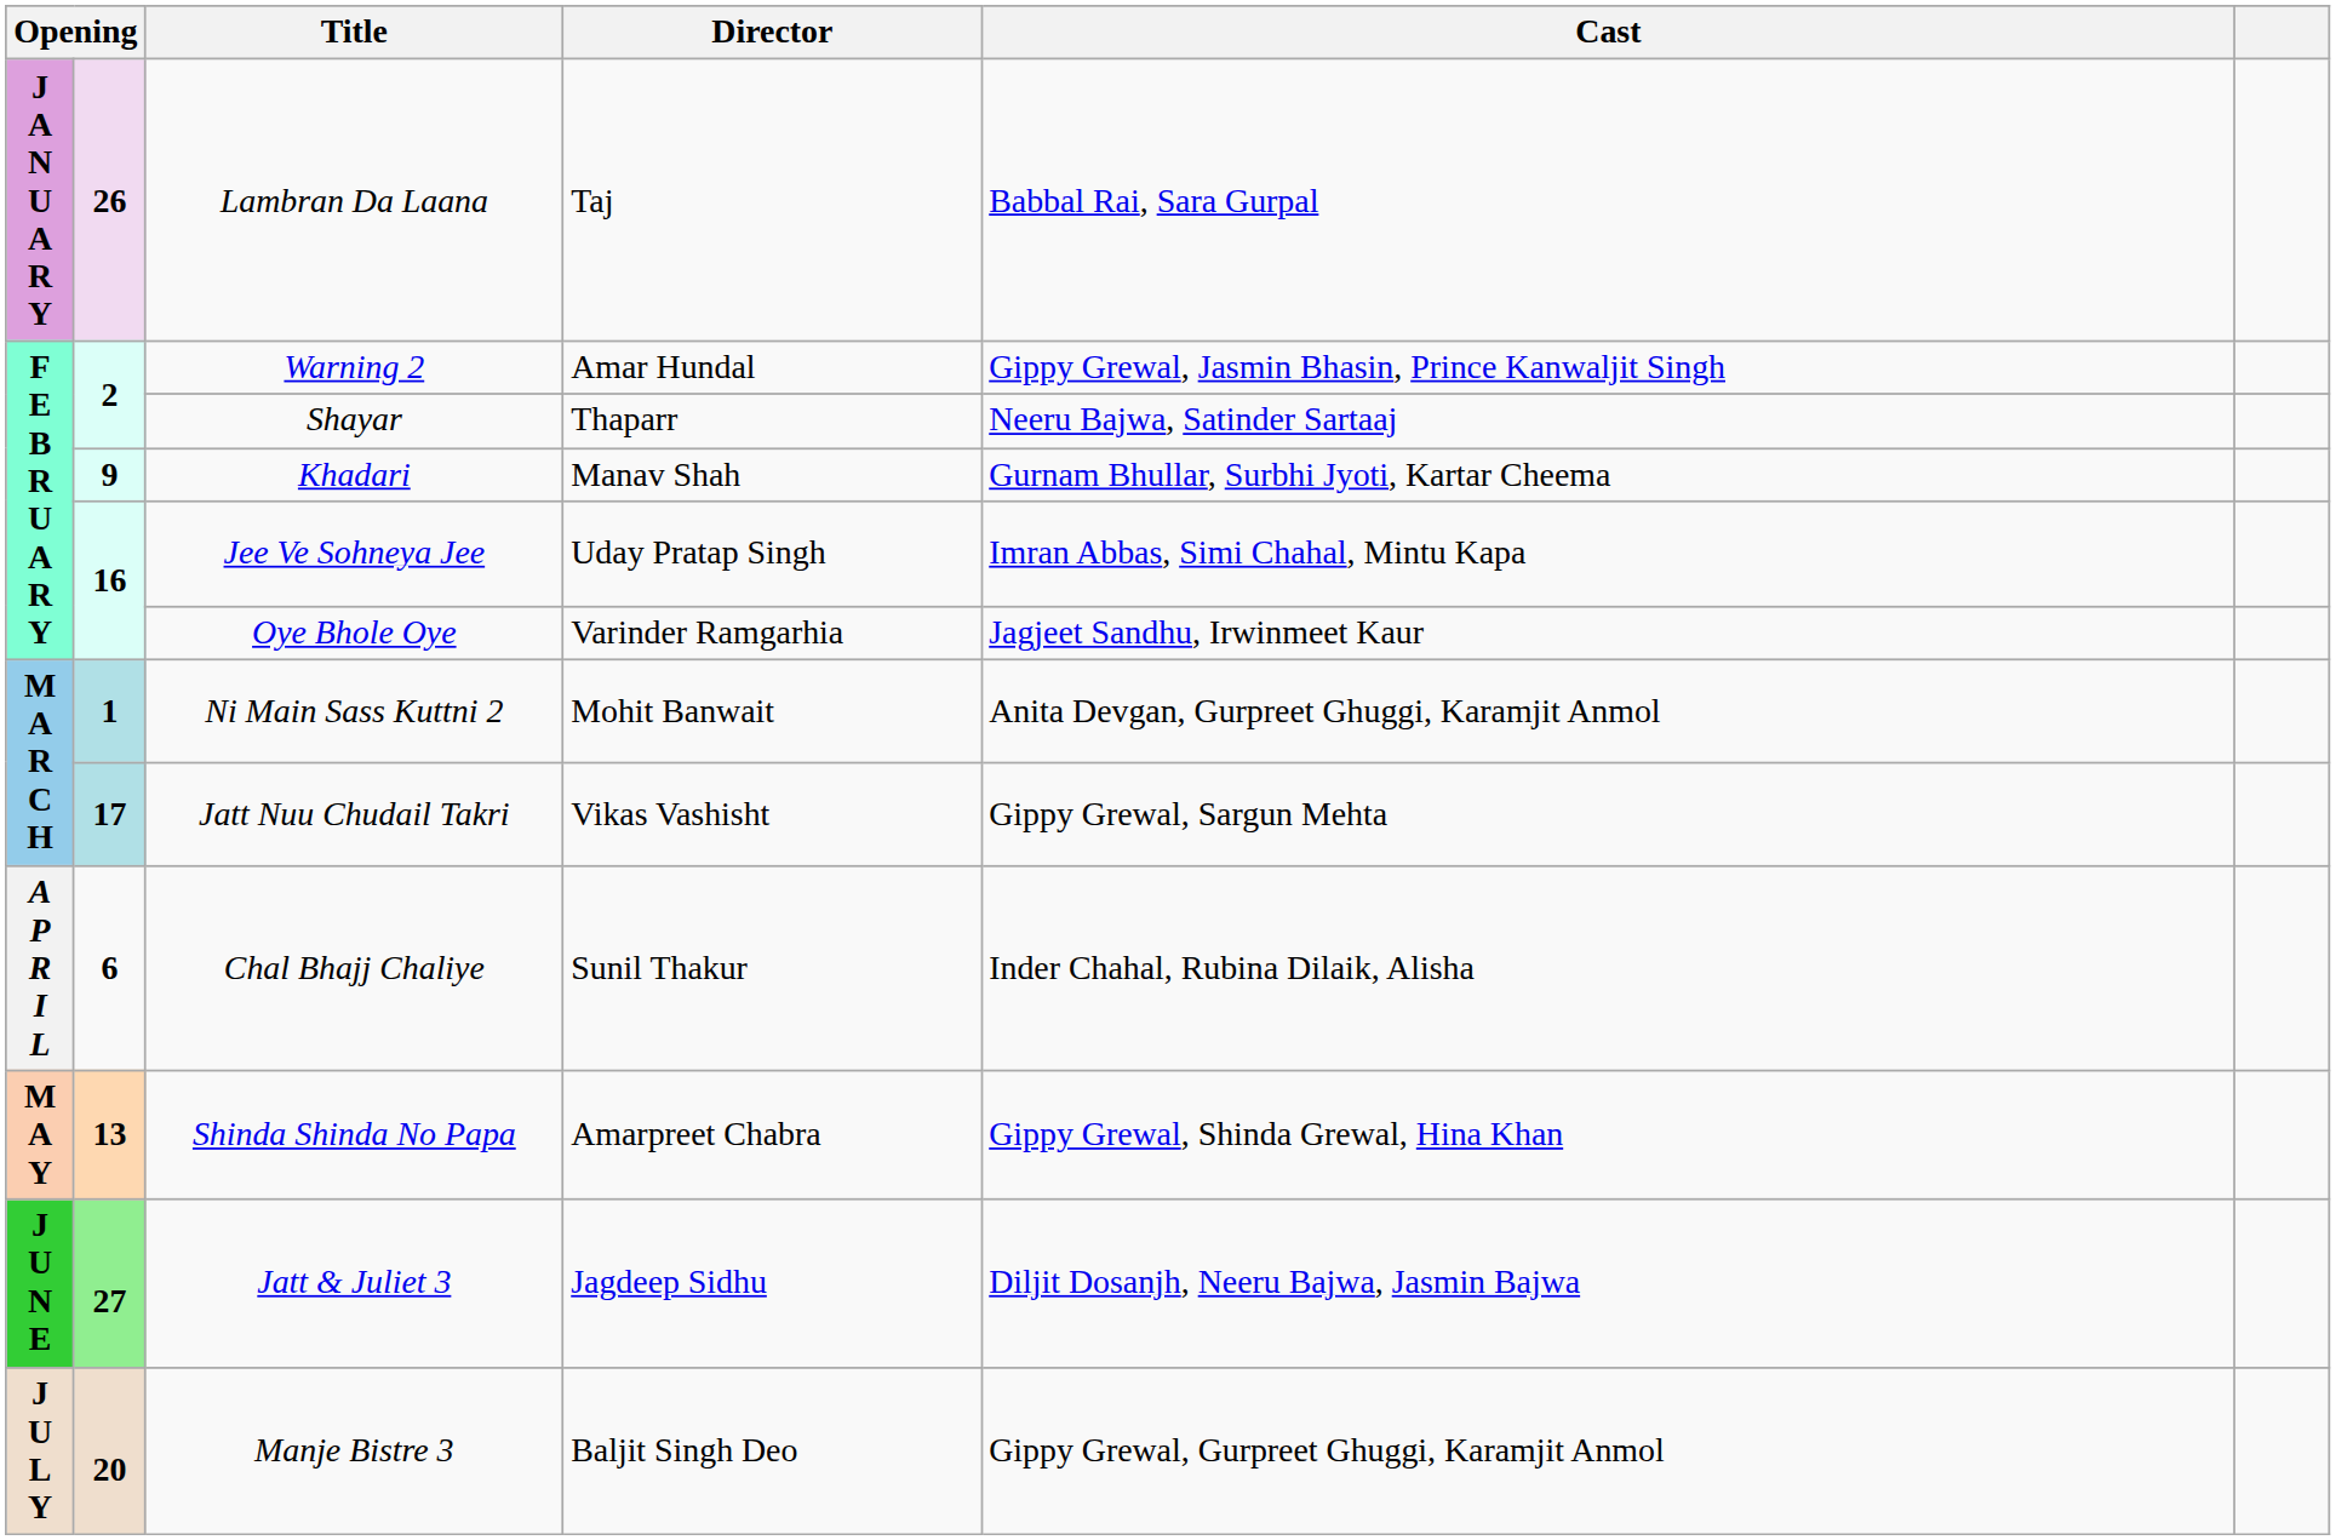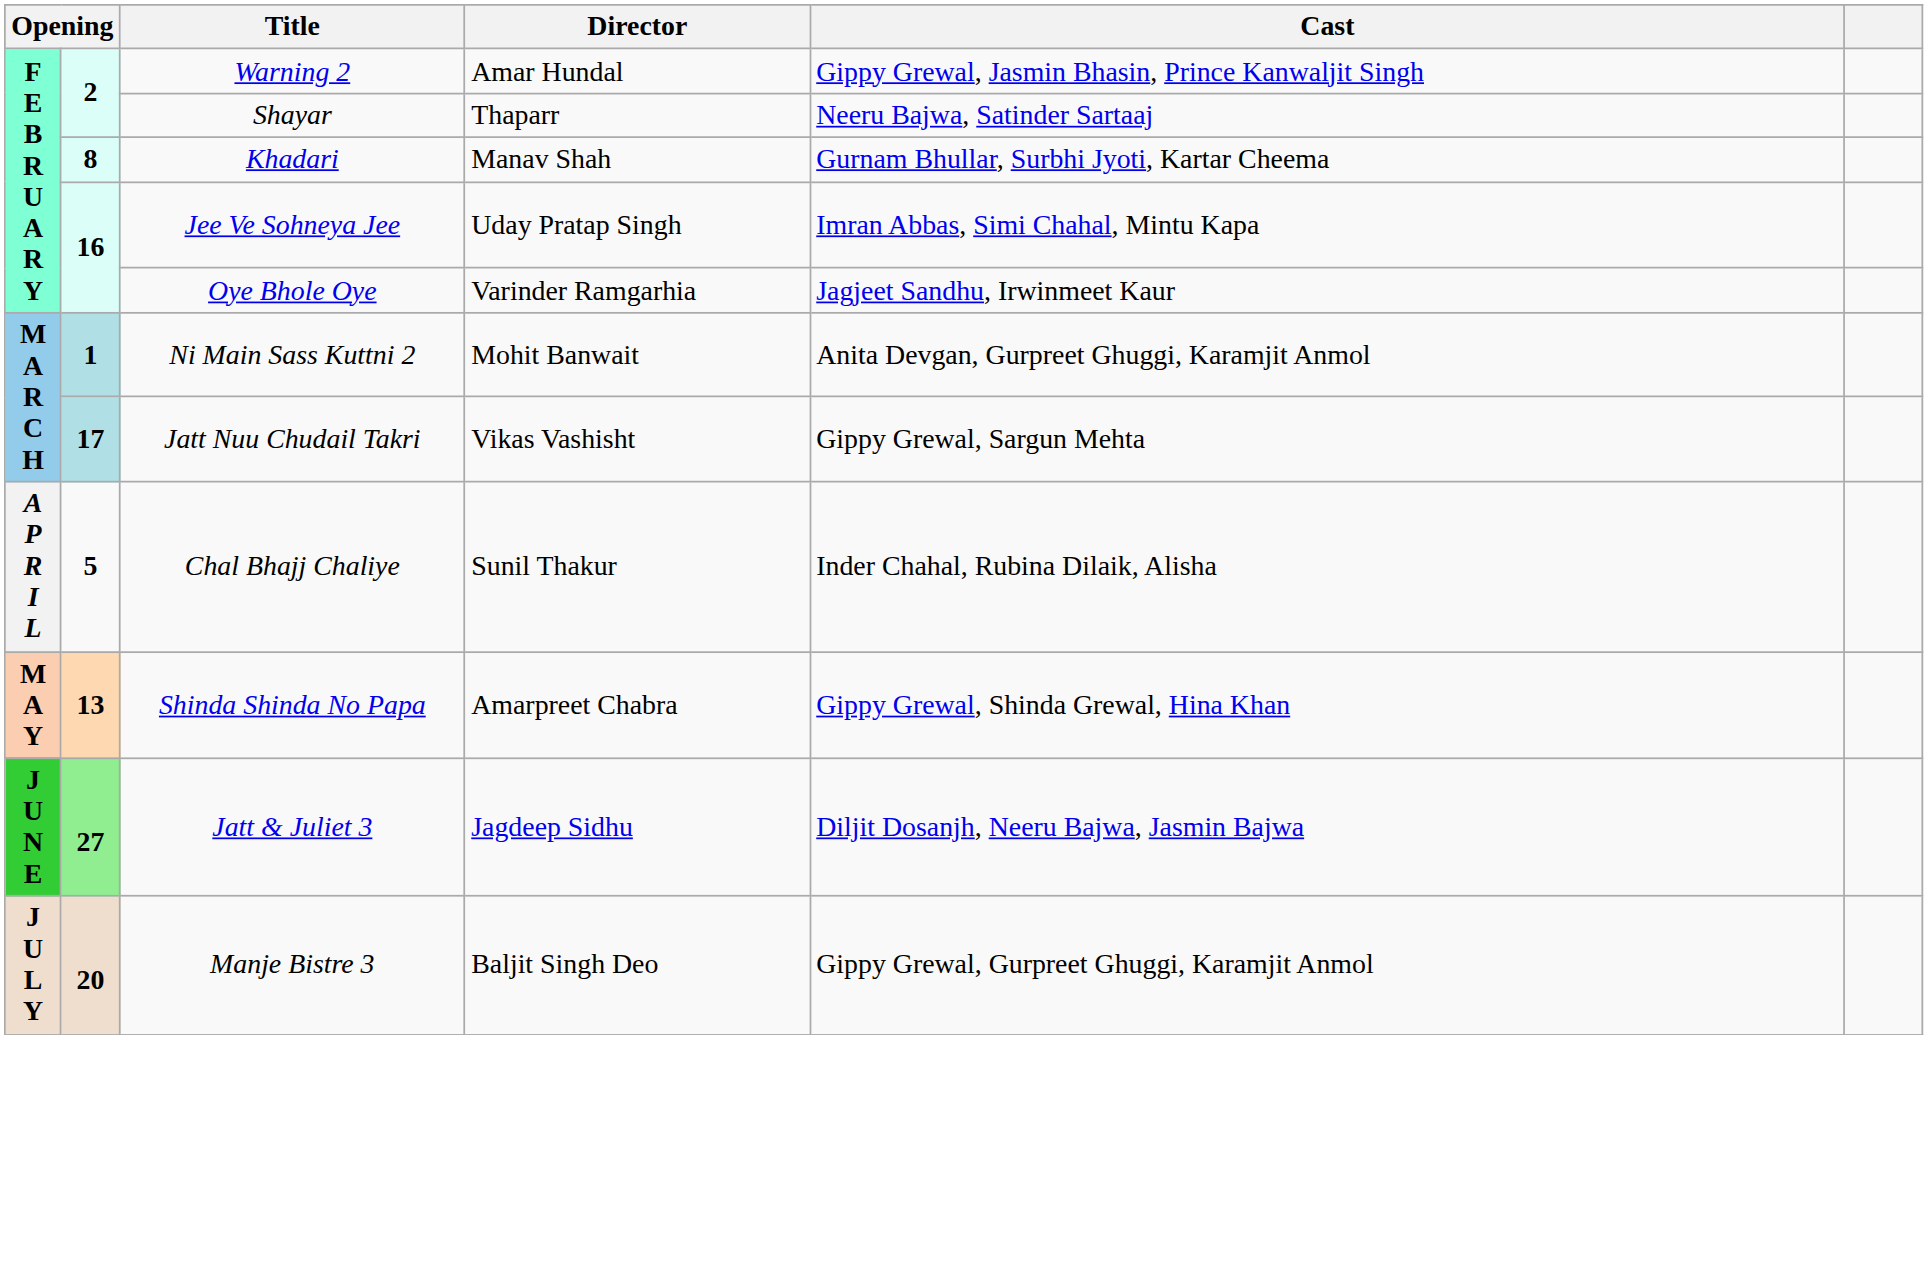 <table class="wikitable sortable">
 <tr>
 <th colspan="2" style="width:6%">Opening</th>
 <th style="width:18%">Title</th>
 <th style="width:18%">Director</th>
 <th>Cast</th>
 <th style="width:4%;"></th>
-</tr>
-<tr>
-<th rowspan="1" style="text-align:center; background:plum; textcolor:#000;">J<br>A<br>N<br>U<br>A<br>R<br>Y</th>
-<td rowspan="1" style="text-align:center;background:#f1daf1;"><strong>26</strong></td>
-<td style="text-align:center;"><em>Lambran Da Laana</em></td>
-<td>Taj</td>
-<td><a href='#'>Babbal Rai</a>, <a href='#'>Sara Gurpal</a></td>
-<td></td>
 </tr>
 <tr>
 <th rowspan="5" style="text-align:center; background:#7FFFD4; textcolor:#000;">F<br>E<br>B<br>R<br>U<br>A<br>R<br>Y</th>
 <td rowspan="2" style="text-align:center;background:#dbfff8;"><strong>2</strong></td>
 <td style="text-align:center;"><em><a href='#'>Warning 2</a></em></td>
 <td>Amar Hundal</td>
 <td><a href='#'>Gippy Grewal</a>, <a href='#'>Jasmin Bhasin</a>, <a href='#'>Prince Kanwaljit Singh</a></td>
 <td></td>
 </tr>
 <tr>
 <td style="text-align:center;"><em>Shayar</em></td>
 <td>Thaparr</td>
 <td><a href='#'>Neeru Bajwa</a>, <a href='#'>Satinder Sartaaj</a></td>
 <td></td>
 </tr>
 <tr>
-<td rowspan="1" style="text-align:center;background:#dbfff8;"><strong>9</strong></td>
+<td rowspan="1" style="text-align:center;background:#dbfff8;"><strong>8</strong></td>
 <td style="text-align:center;"><em><a href='#'>Khadari</a></em></td>
 <td>Manav Shah</td>
 <td><a href='#'>Gurnam Bhullar</a>, <a href='#'>Surbhi Jyoti</a>, Kartar Cheema</td>
 <td></td>
 </tr>
 <tr>
 <td rowspan="2" style="text-align:center;background:#dbfff8;"><strong>16</strong></td>
 <td style="text-align:center;"><em><a href='#'>Jee Ve Sohneya Jee</a></em></td>
 <td>Uday Pratap Singh</td>
 <td><a href='#'>Imran Abbas</a>, <a href='#'>Simi Chahal</a>, Mintu Kapa</td>
 <td></td>
 </tr>
 <tr>
 <td style="text-align:center;"><em><a href='#'>Oye Bhole Oye</a></em></td>
 <td>Varinder Ramgarhia</td>
 <td><a href='#'>Jagjeet Sandhu</a>, Irwinmeet Kaur</td>
 <td></td>
 </tr>
 <tr>
 <td rowspan="2" style="text-align:center; background:#93CCEA; textcolor:#000;"><strong>M<br>A<br>R<br>C<br>H</strong></td>
 <td rowspan="1" style="text-align:center;background:#B0E0E6;"><strong>1</strong></td>
 <td style="text-align:center;"><em>Ni Main Sass Kuttni 2</em></td>
 <td>Mohit Banwait </td>
 <td>Anita Devgan, Gurpreet Ghuggi, Karamjit Anmol</td>
 <td></td>
 </tr>
 <tr>
 <td rowspan="1" style="text-align:center;background:#B0E0E6;"><strong>17</strong></td>
 <td style="text-align:center;"><em>Jatt Nuu Chudail Takri</em></td>
 <td>Vikas Vashisht </td>
 <td>Gippy Grewal, Sargun Mehta</td>
 <td></td>
 </tr>
 <tr>
 <th rowspan="1"><em>A<br>P<br>R<br>I<br>L</em></th>
-<td rowspan="1" style="text-align:center;"><strong>6</strong></td>
+<td rowspan="1" style="text-align:center;"><strong>5</strong></td>
 <td style="text-align:center;"><em>Chal Bhajj Chaliye</em></td>
 <td>Sunil Thakur</td>
 <td>Inder Chahal, Rubina Dilaik, Alisha</td>
 <td></td>
 </tr>
 <tr>
 <td rowspan="1" style="text-align:center; background:#FBCEB1; textcolor:#000;"><strong>M<br>A<br>Y</strong></td>
 <td rowspan="1" style="text-align:center;background:#FED8B1;"><strong>13</strong></td>
 <td style="text-align:center;"><em><a href='#'>Shinda Shinda No Papa</a></em></td>
 <td>Amarpreet Chabra</td>
 <td><a href='#'>Gippy Grewal</a>, Shinda Grewal, <a href='#'>Hina Khan</a></td>
 <td></td>
 </tr>
 <tr>
 <th rowspan="1" style="text-align:center; background:#32CD35; textcolor:#000;">J<br>U<br>N<br>E</th>
 <td rowspan="1" style="text-align:center;background:#90EE90;"><br><strong>27</strong></td>
 <td style="text-align:center;"><em><a href='#'>Jatt & Juliet 3</a></em></td>
 <td><a href='#'>Jagdeep Sidhu</a></td>
 <td><a href='#'>Diljit Dosanjh</a>, <a href='#'>Neeru Bajwa</a>, <a href='#'>Jasmin Bajwa</a></td>
 <td></td>
 </tr>
 <tr>
 <th rowspan="1" style="text-align:center; background:#EFDECD; textcolor:#000;">J<br>U<br>L<br>Y</th>
 <td rowspan="1" style="text-align:center;background:#EFDECD;"><br><strong>20</strong></td>
 <td style="text-align:center;"><em>Manje Bistre 3</em></td>
 <td>Baljit Singh Deo</td>
 <td>Gippy Grewal, Gurpreet Ghuggi, Karamjit Anmol</td>
 <td></td>
 </tr>
 </table>
